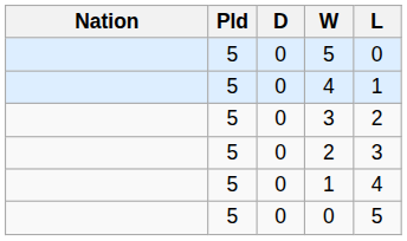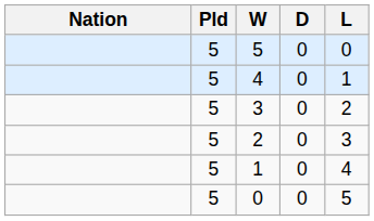 <table class=wikitable style="text-align:center">
 <tr>
 <th width=150>Nation</th>
 <th width=30>Pld</th>
+<th width=30>W</th>
 <th width=30>D</th>
-<th width=30>W</th>
 <th width=30>L</th>
 </tr>
 <tr style="background:#def;">
 <td align=left></td>
 <td>5</td>
+<td>5</td>
 <td>0</td>
-<td>5</td>
 <td>0</td>
 </tr>
 <tr style="background:#def;">
 <td align=left></td>
 <td>5</td>
+<td>4</td>
 <td>0</td>
-<td>4</td>
 <td>1</td>
 </tr>
 <tr>
 <td align=left></td>
 <td>5</td>
+<td>3</td>
 <td>0</td>
-<td>3</td>
 <td>2</td>
 </tr>
 <tr>
 <td align=left></td>
 <td>5</td>
+<td>2</td>
 <td>0</td>
-<td>2</td>
 <td>3</td>
 </tr>
 <tr>
 <td align=left></td>
 <td>5</td>
+<td>1</td>
 <td>0</td>
-<td>1</td>
 <td>4</td>
 </tr>
 <tr>
 <td align=left></td>
 <td>5</td>
 <td>0</td>
 <td>0</td>
 <td>5</td>
 </tr>
 </table>
